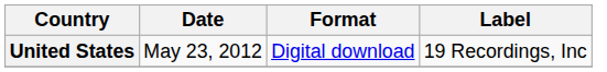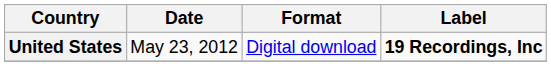 <table class="wikitable plainrowheaders">
 <tr>
 <th scope="col">Country</th>
 <th scope="col">Date</th>
 <th scope="col">Format</th>
 <th scope="col">Label</th>
 </tr>
 <tr>
 <th scope="row">United States</th>
 <td>May 23, 2012</td>
 <td><a href='#'>Digital download</a></td>
-<td>19 Recordings, Inc</td>
+<td><strong>19 Recordings, Inc</strong></td>
 </tr>
 <tr>
 </tr>
 </table>
